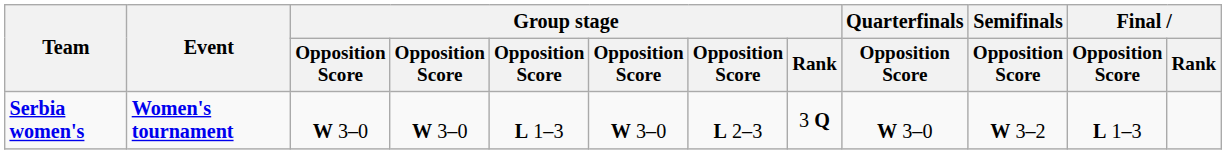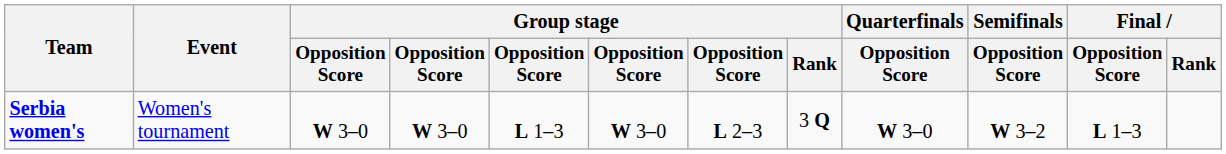 <table class=wikitable style=font-size:90%;text-align:center>
 <tr>
 <th rowspan=2>Team</th>
 <th rowspan=2>Event</th>
 <th colspan=6>Group stage</th>
 <th>Quarterfinals</th>
 <th>Semifinals</th>
 <th colspan=2>Final / </th>
 </tr>
 <tr style=font-size:95%>
 <th>Opposition<br>Score</th>
 <th>Opposition<br>Score</th>
 <th>Opposition<br>Score</th>
 <th>Opposition<br>Score</th>
 <th>Opposition<br>Score</th>
 <th>Rank</th>
 <th>Opposition<br>Score</th>
 <th>Opposition<br>Score</th>
 <th>Opposition<br>Score</th>
 <th>Rank</th>
 </tr>
 <tr>
 <td align=left><strong><a href='#'>Serbia  women's</a></strong></td>
-<td align=left><strong><a href='#'>Women's tournament</a></strong></td>
+<td align=left><a href='#'>Women's tournament</a></td>
 <td><br><strong>W</strong> 3–0</td>
 <td><br><strong>W</strong> 3–0</td>
 <td><br><strong>L</strong> 1–3</td>
 <td><br><strong>W</strong> 3–0</td>
 <td><br><strong>L</strong> 2–3</td>
 <td>3 <strong>Q</strong></td>
 <td><br><strong>W</strong> 3–0</td>
 <td><br><strong>W</strong> 3–2</td>
 <td><br><strong>L</strong> 1–3</td>
 <td></td>
 </tr>
 </table>
